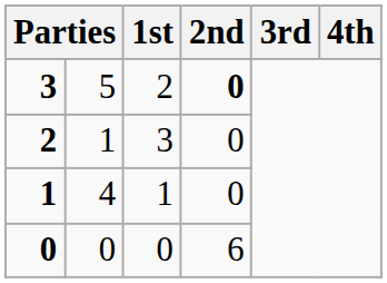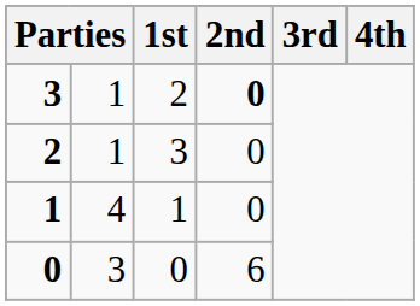 <table class="wikitable" style="text-align:right;">
 <tr>
 <th colspan=2 style="text-align:left;">Parties</th>
 <th>1st</th>
 <th>2nd</th>
 <th>3rd</th>
 <th>4th</th>
 </tr>
 <tr>
 <td><strong>3</strong></td>
-<td>5</td>
+<td>1</td>
 <td>2</td>
 <td><strong>0</strong></td>
 </tr>
 <tr>
 <td><strong>2</strong></td>
 <td>1</td>
 <td>3</td>
 <td>0</td>
 </tr>
 <tr>
 <td><strong>1</strong></td>
 <td>4</td>
 <td>1</td>
 <td>0</td>
 </tr>
 <tr>
 <td><strong>0</strong></td>
-<td>0</td>
+<td>3</td>
 <td>0</td>
 <td>6</td>
 </tr>
 </table>
